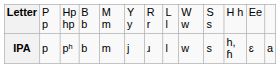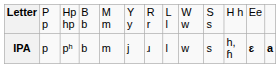 <table class="wikitable" width="400">
 <tr valign="top">
 <th>Letter</th>
 <td>P p</td>
 <td>Hp<br>hp</td>
 <td>B b</td>
 <td>M m</td>
 <td>Y y</td>
 <td>R r</td>
 <td>L l</td>
 <td>W w</td>
 <td>S s</td>
 <td>H h</td>
 <td>Ee</td>
 <td></td>
 </tr>
 <tr>
 <th>IPA</th>
 <td>p</td>
 <td>pʰ</td>
 <td>b</td>
 <td>m</td>
 <td>j</td>
 <td>ɹ</td>
 <td>l</td>
 <td>w</td>
 <td>s</td>
 <td>h, ɦ</td>
-<td>ɛ</td>
-<td>a</td>
+<td><strong>ɛ</strong></td>
+<td><strong>a</strong></td>
 </tr>
 </table>
